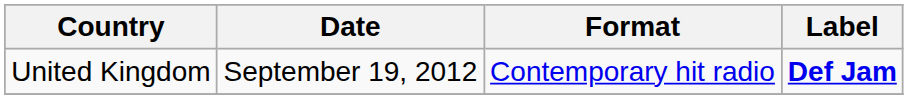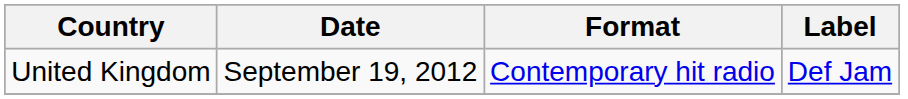 <table class="wikitable plainrowheaders">
 <tr>
 <th scope="col">Country</th>
 <th scope="col">Date</th>
 <th scope="col">Format</th>
 <th scope="col">Label</th>
 </tr>
 <tr>
 <td>United Kingdom</td>
 <td>September 19, 2012</td>
 <td><a href='#'>Contemporary hit radio</a></td>
-<td><strong><a href='#'>Def Jam</a></strong></td>
+<td><a href='#'>Def Jam</a></td>
 </tr>
 <tr>
 </tr>
 </table>
